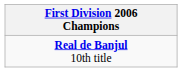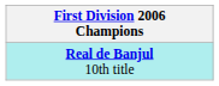 <table class="wikitable" style="margin: 0 auto; width: 240px;">
 <tr>
 <th><a href='#'>First Division</a> 2006<br>Champions</th>
 </tr>
 <tr>
-<td align=center><strong><a href='#'>Real de Banjul</a></strong><br>10th title</td>
+<td align=center style="background: paleturquoise;"><strong><a href='#'>Real de Banjul</a></strong><br>10th title</td>
 </tr>
 </table>
